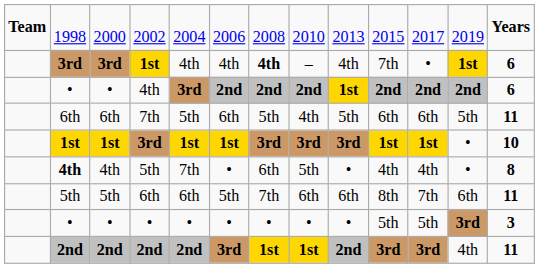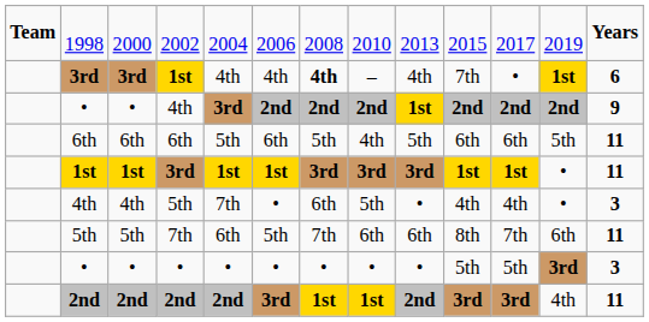 <table class="wikitable" style="text-align:center; font-size:90%">
 <tr>
 <td><strong>Team</strong></td>
 <td><br><a href='#'>1998</a></td>
 <td><br><a href='#'>2000</a></td>
 <td><br><a href='#'>2002</a></td>
 <td><br><a href='#'>2004</a></td>
 <td><br><a href='#'>2006</a></td>
 <td><br><a href='#'>2008</a></td>
 <td><br><a href='#'>2010</a></td>
 <td><br><a href='#'>2013</a></td>
 <td><br><a href='#'>2015</a></td>
 <td><br><a href='#'>2017</a></td>
 <td><br><a href='#'>2019</a></td>
 <td><strong>Years</strong></td>
 </tr>
 <tr>
 <td align=left></td>
 <td bgcolor=#cc9966><strong>3rd</strong></td>
 <td bgcolor=#cc9966><strong>3rd</strong></td>
 <td bgcolor=gold><strong>1st</strong></td>
 <td>4th</td>
 <td>4th</td>
 <td><strong>4th</strong></td>
 <td>–</td>
 <td>4th</td>
 <td>7th</td>
 <td>•</td>
 <td bgcolor=gold><strong>1st</strong></td>
 <td><strong>6</strong></td>
 </tr>
 <tr>
 <td align=left></td>
 <td>•</td>
 <td>•</td>
 <td>4th</td>
 <td bgcolor=#cc9966><strong>3rd</strong></td>
 <td bgcolor=silver><strong>2nd</strong></td>
 <td bgcolor=silver><strong>2nd</strong></td>
 <td bgcolor=silver><strong>2nd</strong></td>
 <td bgcolor=gold><strong>1st</strong></td>
 <td bgcolor=silver><strong>2nd</strong></td>
 <td bgcolor=silver><strong>2nd</strong></td>
 <td bgcolor=silver><strong>2nd</strong></td>
-<td><strong>6</strong></td>
+<td><strong>9</strong></td>
 </tr>
 <tr>
 <td align=left></td>
 <td>6th</td>
 <td>6th</td>
-<td>7th</td>
+<td>6th</td>
 <td>5th</td>
 <td>6th</td>
 <td>5th</td>
 <td>4th</td>
 <td>5th</td>
 <td>6th</td>
 <td>6th</td>
 <td>5th</td>
 <td><strong>11</strong></td>
 </tr>
 <tr>
 <td align=left></td>
 <td bgcolor=gold><strong>1st</strong></td>
 <td bgcolor=gold><strong>1st</strong></td>
 <td bgcolor=#cc9966><strong>3rd</strong></td>
 <td bgcolor=gold><strong>1st</strong></td>
 <td bgcolor=gold><strong>1st</strong></td>
 <td bgcolor=#cc9966><strong>3rd</strong></td>
 <td bgcolor=#cc9966><strong>3rd</strong></td>
 <td bgcolor=#cc9966><strong>3rd</strong></td>
 <td bgcolor=gold><strong>1st</strong></td>
 <td bgcolor=gold><strong>1st</strong></td>
 <td>•</td>
-<td><strong>10</strong></td>
+<td><strong>11</strong></td>
 </tr>
 <tr>
 <td align=left></td>
-<td><strong>4th</strong></td>
+<td>4th</td>
 <td>4th</td>
 <td>5th</td>
 <td>7th</td>
 <td>•</td>
 <td>6th</td>
 <td>5th</td>
 <td>•</td>
 <td>4th</td>
 <td>4th</td>
 <td>•</td>
-<td><strong>8</strong></td>
+<td><strong>3</strong></td>
 </tr>
 <tr>
 <td align=left></td>
 <td>5th</td>
 <td>5th</td>
-<td>6th</td>
+<td>7th</td>
 <td>6th</td>
 <td>5th</td>
 <td>7th</td>
 <td>6th</td>
 <td>6th</td>
 <td>8th</td>
 <td>7th</td>
 <td>6th</td>
 <td><strong>11</strong></td>
 </tr>
 <tr>
 <td align=left></td>
 <td>•</td>
 <td>•</td>
 <td>•</td>
 <td>•</td>
 <td>•</td>
 <td>•</td>
 <td>•</td>
 <td>•</td>
 <td>5th</td>
 <td>5th</td>
 <td bgcolor=#cc9966><strong>3rd</strong></td>
 <td><strong>3</strong></td>
 </tr>
 <tr>
 <td align=left></td>
 <td bgcolor=silver><strong>2nd</strong></td>
 <td bgcolor=silver><strong>2nd</strong></td>
 <td bgcolor=silver><strong>2nd</strong></td>
 <td bgcolor=silver><strong>2nd</strong></td>
 <td bgcolor=#cc9966><strong>3rd</strong></td>
 <td bgcolor=gold><strong>1st</strong></td>
 <td bgcolor=gold><strong>1st</strong></td>
 <td bgcolor=silver><strong>2nd</strong></td>
 <td bgcolor=#cc9966><strong>3rd</strong></td>
 <td bgcolor=#cc9966><strong>3rd</strong></td>
 <td>4th</td>
 <td><strong>11</strong></td>
 </tr>
 </table>
